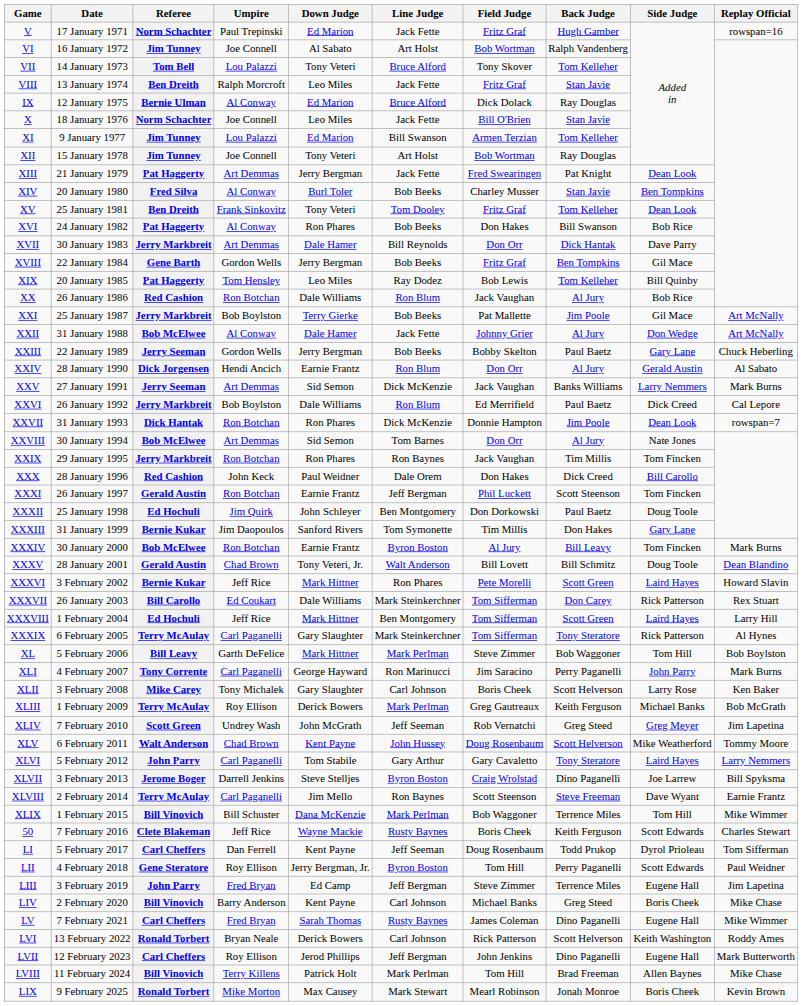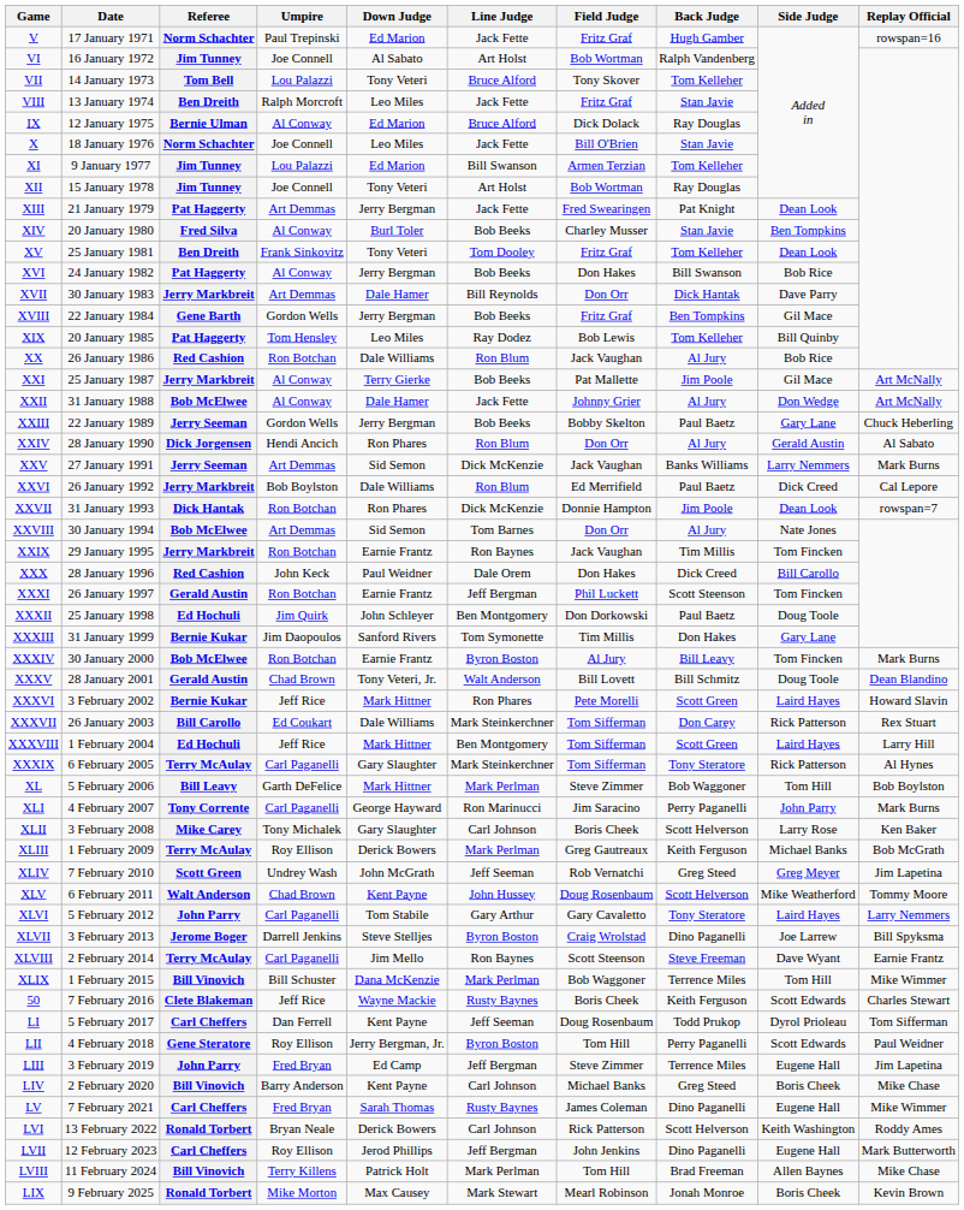 <table class="wikitable" style="font-size: 95%; text-align:center">
 <tr bgcolor="#efefef">
 <th>Game</th>
 <th>Date</th>
 <th>Referee</th>
 <th>Umpire</th>
 <th>Down Judge</th>
 <th>Line Judge</th>
 <th>Field Judge</th>
 <th>Back Judge</th>
 <th>Side Judge</th>
 <th>Replay Official</th>
 </tr>
 <tr>
 <td><a href='#'>V</a></td>
 <td>17 January 1971</td>
 <th><a href='#'>Norm Schachter</a></th>
 <td>Paul Trepinski</td>
 <td><a href='#'>Ed Marion</a></td>
 <td>Jack Fette</td>
 <td><a href='#'>Fritz Graf</a></td>
 <td><a href='#'>Hugh Gamber</a></td>
 <td rowspan=8><em>Added<br>in </em></td>
 <td>rowspan=16 </td>
 </tr>
 <tr>
 <td><a href='#'>VI</a></td>
 <td>16 January 1972</td>
 <th><a href='#'>Jim Tunney</a></th>
 <td>Joe Connell</td>
 <td>Al Sabato</td>
 <td>Art Holst</td>
 <td><a href='#'>Bob Wortman</a></td>
 <td>Ralph Vandenberg</td>
 </tr>
 <tr>
 <td><a href='#'>VII</a></td>
 <td>14 January 1973</td>
 <th><a href='#'>Tom Bell</a></th>
 <td><a href='#'>Lou Palazzi</a></td>
 <td>Tony Veteri</td>
 <td><a href='#'>Bruce Alford</a></td>
 <td>Tony Skover</td>
 <td><a href='#'>Tom Kelleher</a></td>
 </tr>
 <tr>
 <td><a href='#'>VIII</a></td>
 <td>13 January 1974</td>
 <th><a href='#'>Ben Dreith</a></th>
 <td>Ralph Morcroft</td>
 <td>Leo Miles</td>
 <td>Jack Fette</td>
 <td><a href='#'>Fritz Graf</a></td>
 <td><a href='#'>Stan Javie</a></td>
 </tr>
 <tr>
 <td><a href='#'>IX</a></td>
 <td>12 January 1975</td>
 <th><a href='#'>Bernie Ulman</a></th>
 <td><a href='#'>Al Conway</a></td>
 <td><a href='#'>Ed Marion</a></td>
 <td><a href='#'>Bruce Alford</a></td>
 <td>Dick Dolack</td>
 <td>Ray Douglas</td>
 </tr>
 <tr>
 <td><a href='#'>X</a></td>
 <td>18 January 1976</td>
 <th><a href='#'>Norm Schachter</a></th>
 <td>Joe Connell</td>
 <td>Leo Miles</td>
 <td>Jack Fette</td>
 <td><a href='#'>Bill O'Brien</a></td>
 <td><a href='#'>Stan Javie</a></td>
 </tr>
 <tr>
 <td><a href='#'>XI</a></td>
 <td>9 January 1977</td>
 <th><a href='#'>Jim Tunney</a></th>
 <td><a href='#'>Lou Palazzi</a></td>
 <td><a href='#'>Ed Marion</a></td>
 <td>Bill Swanson</td>
 <td><a href='#'>Armen Terzian</a></td>
 <td><a href='#'>Tom Kelleher</a></td>
 </tr>
 <tr>
 <td><a href='#'>XII</a></td>
 <td>15 January 1978</td>
 <th><a href='#'>Jim Tunney</a></th>
 <td>Joe Connell</td>
 <td>Tony Veteri</td>
 <td>Art Holst</td>
 <td><a href='#'>Bob Wortman</a></td>
 <td>Ray Douglas</td>
 </tr>
 <tr>
 <td><a href='#'>XIII</a></td>
 <td>21 January 1979</td>
 <th><a href='#'>Pat Haggerty</a></th>
 <td><a href='#'>Art Demmas</a></td>
 <td>Jerry Bergman</td>
 <td>Jack Fette</td>
 <td><a href='#'>Fred Swearingen</a></td>
 <td>Pat Knight</td>
 <td><a href='#'>Dean Look</a></td>
 </tr>
 <tr>
 <td><a href='#'>XIV</a></td>
 <td>20 January 1980</td>
 <th><a href='#'>Fred Silva</a></th>
 <td><a href='#'>Al Conway</a></td>
 <td><a href='#'>Burl Toler</a></td>
 <td>Bob Beeks</td>
 <td>Charley Musser</td>
 <td><a href='#'>Stan Javie</a></td>
 <td><a href='#'>Ben Tompkins</a></td>
 </tr>
 <tr>
 <td><a href='#'>XV</a></td>
 <td>25 January 1981</td>
 <th><a href='#'>Ben Dreith</a></th>
 <td><a href='#'>Frank Sinkovitz</a></td>
 <td>Tony Veteri</td>
 <td><a href='#'>Tom Dooley</a></td>
 <td><a href='#'>Fritz Graf</a></td>
 <td><a href='#'>Tom Kelleher</a></td>
 <td><a href='#'>Dean Look</a></td>
 </tr>
 <tr>
 <td><a href='#'>XVI</a></td>
 <td>24 January 1982</td>
 <th><a href='#'>Pat Haggerty</a></th>
 <td><a href='#'>Al Conway</a></td>
-<td>Ron Phares</td>
+<td>Jerry Bergman</td>
 <td>Bob Beeks</td>
 <td>Don Hakes</td>
 <td>Bill Swanson</td>
 <td>Bob Rice</td>
 </tr>
 <tr>
 <td><a href='#'>XVII</a></td>
 <td>30 January 1983</td>
 <th><a href='#'>Jerry Markbreit</a></th>
 <td><a href='#'>Art Demmas</a></td>
 <td><a href='#'>Dale Hamer</a></td>
 <td>Bill Reynolds</td>
 <td><a href='#'>Don Orr</a></td>
 <td><a href='#'>Dick Hantak</a></td>
 <td>Dave Parry</td>
 </tr>
 <tr>
 <td><a href='#'>XVIII</a></td>
 <td>22 January 1984</td>
 <th><a href='#'>Gene Barth</a></th>
 <td>Gordon Wells</td>
 <td>Jerry Bergman</td>
 <td>Bob Beeks</td>
 <td><a href='#'>Fritz Graf</a></td>
 <td><a href='#'>Ben Tompkins</a></td>
 <td>Gil Mace</td>
 </tr>
 <tr>
 <td><a href='#'>XIX</a></td>
 <td>20 January 1985</td>
 <th><a href='#'>Pat Haggerty</a></th>
 <td><a href='#'>Tom Hensley</a></td>
 <td>Leo Miles</td>
 <td>Ray Dodez</td>
 <td>Bob Lewis</td>
 <td><a href='#'>Tom Kelleher</a></td>
 <td>Bill Quinby</td>
 </tr>
 <tr>
 <td><a href='#'>XX</a></td>
 <td>26 January 1986</td>
 <th><a href='#'>Red Cashion</a></th>
 <td><a href='#'>Ron Botchan</a></td>
 <td>Dale Williams</td>
 <td><a href='#'>Ron Blum</a></td>
 <td>Jack Vaughan</td>
 <td><a href='#'>Al Jury</a></td>
 <td>Bob Rice</td>
 </tr>
 <tr>
 <td><a href='#'>XXI</a></td>
 <td>25 January 1987</td>
 <th><a href='#'>Jerry Markbreit</a></th>
-<td>Bob Boylston</td>
+<td><a href='#'>Al Conway</a></td>
 <td><a href='#'>Terry Gierke</a></td>
 <td>Bob Beeks</td>
 <td>Pat Mallette</td>
 <td><a href='#'>Jim Poole</a></td>
 <td>Gil Mace</td>
 <td><a href='#'>Art McNally</a></td>
 </tr>
 <tr>
 <td><a href='#'>XXII</a></td>
 <td>31 January 1988</td>
 <th><a href='#'>Bob McElwee</a></th>
 <td><a href='#'>Al Conway</a></td>
 <td><a href='#'>Dale Hamer</a></td>
 <td>Jack Fette</td>
 <td><a href='#'>Johnny Grier</a></td>
 <td><a href='#'>Al Jury</a></td>
 <td><a href='#'>Don Wedge</a></td>
 <td><a href='#'>Art McNally</a></td>
 </tr>
 <tr>
 <td><a href='#'>XXIII</a></td>
 <td>22 January 1989</td>
 <th><a href='#'>Jerry Seeman</a></th>
 <td>Gordon Wells</td>
 <td>Jerry Bergman</td>
 <td>Bob Beeks</td>
 <td>Bobby Skelton</td>
 <td>Paul Baetz</td>
 <td><a href='#'>Gary Lane</a></td>
 <td>Chuck Heberling</td>
 </tr>
 <tr>
 <td><a href='#'>XXIV</a></td>
 <td>28 January 1990</td>
 <th><a href='#'>Dick Jorgensen</a></th>
 <td>Hendi Ancich</td>
-<td>Earnie Frantz</td>
+<td>Ron Phares</td>
 <td><a href='#'>Ron Blum</a></td>
 <td><a href='#'>Don Orr</a></td>
 <td><a href='#'>Al Jury</a></td>
 <td><a href='#'>Gerald Austin</a></td>
 <td>Al Sabato</td>
 </tr>
 <tr>
 <td><a href='#'>XXV</a></td>
 <td>27 January 1991</td>
 <th><a href='#'>Jerry Seeman</a></th>
 <td><a href='#'>Art Demmas</a></td>
 <td>Sid Semon</td>
 <td>Dick McKenzie</td>
 <td>Jack Vaughan</td>
 <td>Banks Williams</td>
 <td><a href='#'>Larry Nemmers</a></td>
 <td>Mark Burns</td>
 </tr>
 <tr>
 <td><a href='#'>XXVI</a></td>
 <td>26 January 1992</td>
 <th><a href='#'>Jerry Markbreit</a></th>
 <td>Bob Boylston</td>
 <td>Dale Williams</td>
 <td><a href='#'>Ron Blum</a></td>
 <td>Ed Merrifield</td>
 <td>Paul Baetz</td>
 <td>Dick Creed</td>
 <td>Cal Lepore</td>
 </tr>
 <tr>
 <td><a href='#'>XXVII</a></td>
 <td>31 January 1993</td>
 <th><a href='#'>Dick Hantak</a></th>
 <td><a href='#'>Ron Botchan</a></td>
 <td>Ron Phares</td>
 <td>Dick McKenzie</td>
 <td>Donnie Hampton</td>
 <td><a href='#'>Jim Poole</a></td>
 <td><a href='#'>Dean Look</a></td>
 <td>rowspan=7 </td>
 </tr>
 <tr>
 <td><a href='#'>XXVIII</a></td>
 <td>30 January 1994</td>
 <th><a href='#'>Bob McElwee</a></th>
 <td><a href='#'>Art Demmas</a></td>
 <td>Sid Semon</td>
 <td>Tom Barnes</td>
 <td><a href='#'>Don Orr</a></td>
 <td><a href='#'>Al Jury</a></td>
 <td>Nate Jones</td>
 </tr>
 <tr>
 <td><a href='#'>XXIX</a></td>
 <td>29 January 1995</td>
 <th><a href='#'>Jerry Markbreit</a></th>
 <td><a href='#'>Ron Botchan</a></td>
-<td>Ron Phares</td>
+<td>Earnie Frantz</td>
 <td>Ron Baynes</td>
 <td>Jack Vaughan</td>
 <td>Tim Millis</td>
 <td>Tom Fincken</td>
 </tr>
 <tr>
 <td><a href='#'>XXX</a></td>
 <td>28 January 1996</td>
 <th><a href='#'>Red Cashion</a></th>
 <td>John Keck</td>
 <td>Paul Weidner</td>
 <td>Dale Orem</td>
 <td>Don Hakes</td>
 <td>Dick Creed</td>
 <td><a href='#'>Bill Carollo</a></td>
 </tr>
 <tr>
 <td><a href='#'>XXXI</a></td>
 <td>26 January 1997</td>
 <th><a href='#'>Gerald Austin</a></th>
 <td><a href='#'>Ron Botchan</a></td>
 <td>Earnie Frantz</td>
 <td>Jeff Bergman</td>
 <td><a href='#'>Phil Luckett</a></td>
 <td>Scott Steenson</td>
 <td>Tom Fincken</td>
 </tr>
 <tr>
 <td><a href='#'>XXXII</a></td>
 <td>25 January 1998</td>
 <th><a href='#'>Ed Hochuli</a></th>
 <td><a href='#'>Jim Quirk</a></td>
 <td>John Schleyer</td>
 <td>Ben Montgomery</td>
 <td>Don Dorkowski</td>
 <td>Paul Baetz</td>
 <td>Doug Toole</td>
 </tr>
 <tr>
 <td><a href='#'>XXXIII</a></td>
 <td>31 January 1999</td>
 <th><a href='#'>Bernie Kukar</a></th>
 <td>Jim Daopoulos</td>
 <td>Sanford Rivers</td>
 <td>Tom Symonette</td>
 <td>Tim Millis</td>
 <td>Don Hakes</td>
 <td><a href='#'>Gary Lane</a></td>
 </tr>
 <tr>
 <td><a href='#'>XXXIV</a></td>
 <td>30 January 2000</td>
 <th><a href='#'>Bob McElwee</a></th>
 <td><a href='#'>Ron Botchan</a></td>
 <td>Earnie Frantz</td>
 <td><a href='#'>Byron Boston</a></td>
 <td><a href='#'>Al Jury</a></td>
 <td><a href='#'>Bill Leavy</a></td>
 <td>Tom Fincken</td>
 <td>Mark Burns</td>
 </tr>
 <tr>
 <td><a href='#'>XXXV</a></td>
 <td>28 January 2001</td>
 <th><a href='#'>Gerald Austin</a></th>
 <td><a href='#'>Chad Brown</a></td>
 <td>Tony Veteri, Jr.</td>
 <td><a href='#'>Walt Anderson</a></td>
 <td>Bill Lovett</td>
 <td>Bill Schmitz</td>
 <td>Doug Toole</td>
 <td><a href='#'>Dean Blandino</a></td>
 </tr>
 <tr>
 <td><a href='#'>XXXVI</a></td>
 <td>3 February 2002</td>
 <th><a href='#'>Bernie Kukar</a></th>
 <td>Jeff Rice</td>
 <td><a href='#'>Mark Hittner</a></td>
 <td>Ron Phares</td>
 <td><a href='#'>Pete Morelli</a></td>
 <td><a href='#'>Scott Green</a></td>
 <td><a href='#'>Laird Hayes</a></td>
 <td>Howard Slavin</td>
 </tr>
 <tr>
 <td><a href='#'>XXXVII</a></td>
 <td>26 January 2003</td>
 <th><a href='#'>Bill Carollo</a></th>
 <td><a href='#'>Ed Coukart</a></td>
 <td>Dale Williams</td>
 <td>Mark Steinkerchner</td>
 <td><a href='#'>Tom Sifferman</a></td>
 <td><a href='#'>Don Carey</a></td>
 <td>Rick Patterson</td>
 <td>Rex Stuart</td>
 </tr>
 <tr>
 <td><a href='#'>XXXVIII</a></td>
 <td>1 February 2004</td>
 <th><a href='#'>Ed Hochuli</a></th>
 <td>Jeff Rice</td>
 <td><a href='#'>Mark Hittner</a></td>
 <td>Ben Montgomery</td>
 <td><a href='#'>Tom Sifferman</a></td>
 <td><a href='#'>Scott Green</a></td>
 <td><a href='#'>Laird Hayes</a></td>
 <td>Larry Hill</td>
 </tr>
 <tr>
 <td><a href='#'>XXXIX</a></td>
 <td>6 February 2005</td>
 <th><a href='#'>Terry McAulay</a></th>
 <td><a href='#'>Carl Paganelli</a></td>
 <td>Gary Slaughter</td>
 <td>Mark Steinkerchner</td>
 <td><a href='#'>Tom Sifferman</a></td>
 <td><a href='#'>Tony Steratore</a></td>
 <td>Rick Patterson</td>
 <td>Al Hynes</td>
 </tr>
 <tr>
 <td><a href='#'>XL</a></td>
 <td>5 February 2006</td>
 <th><a href='#'>Bill Leavy</a></th>
 <td>Garth DeFelice</td>
 <td><a href='#'>Mark Hittner</a></td>
 <td><a href='#'>Mark Perlman</a></td>
 <td>Steve Zimmer</td>
 <td>Bob Waggoner</td>
 <td>Tom Hill</td>
 <td>Bob Boylston</td>
 </tr>
 <tr>
 <td><a href='#'>XLI</a></td>
 <td>4 February 2007</td>
 <th><a href='#'>Tony Corrente</a></th>
 <td><a href='#'>Carl Paganelli</a></td>
 <td>George Hayward</td>
 <td>Ron Marinucci</td>
 <td>Jim Saracino</td>
 <td>Perry Paganelli</td>
 <td><a href='#'>John Parry</a></td>
 <td>Mark Burns</td>
 </tr>
 <tr>
 <td><a href='#'>XLII</a></td>
 <td>3 February 2008</td>
 <th><a href='#'>Mike Carey</a></th>
 <td>Tony Michalek</td>
 <td>Gary Slaughter</td>
 <td>Carl Johnson</td>
 <td>Boris Cheek</td>
 <td>Scott Helverson</td>
 <td>Larry Rose</td>
 <td>Ken Baker</td>
 </tr>
 <tr>
 <td><a href='#'>XLIII</a></td>
 <td>1 February 2009</td>
 <th><a href='#'>Terry McAulay</a></th>
 <td>Roy Ellison</td>
 <td>Derick Bowers</td>
 <td><a href='#'>Mark Perlman</a></td>
 <td>Greg Gautreaux</td>
 <td>Keith Ferguson</td>
 <td>Michael Banks</td>
 <td>Bob McGrath</td>
 </tr>
 <tr>
 <td><a href='#'>XLIV</a></td>
 <td>7 February 2010</td>
 <th><a href='#'>Scott Green</a></th>
 <td>Undrey Wash</td>
 <td>John McGrath</td>
 <td>Jeff Seeman</td>
 <td>Rob Vernatchi</td>
 <td>Greg Steed</td>
 <td><a href='#'>Greg Meyer</a></td>
 <td>Jim Lapetina</td>
 </tr>
 <tr>
 <td><a href='#'>XLV</a></td>
 <td>6 February 2011</td>
 <th><a href='#'>Walt Anderson</a></th>
 <td><a href='#'>Chad Brown</a></td>
 <td><a href='#'>Kent Payne</a></td>
 <td><a href='#'>John Hussey</a></td>
 <td><a href='#'>Doug Rosenbaum</a></td>
 <td><a href='#'>Scott Helverson</a></td>
 <td>Mike Weatherford</td>
 <td>Tommy Moore</td>
 </tr>
 <tr>
 <td><a href='#'>XLVI</a></td>
 <td>5 February 2012</td>
 <th><a href='#'>John Parry</a></th>
 <td><a href='#'>Carl Paganelli</a></td>
 <td>Tom Stabile</td>
 <td>Gary Arthur</td>
 <td>Gary Cavaletto</td>
 <td><a href='#'>Tony Steratore</a></td>
 <td><a href='#'>Laird Hayes</a></td>
 <td><a href='#'>Larry Nemmers</a></td>
 </tr>
 <tr>
 <td><a href='#'>XLVII</a></td>
 <td>3 February 2013</td>
 <th><a href='#'>Jerome Boger</a></th>
 <td>Darrell Jenkins</td>
 <td>Steve Stelljes</td>
 <td><a href='#'>Byron Boston</a></td>
 <td><a href='#'>Craig Wrolstad</a></td>
 <td>Dino Paganelli</td>
 <td>Joe Larrew</td>
 <td>Bill Spyksma</td>
 </tr>
 <tr>
 <td><a href='#'>XLVIII</a></td>
 <td>2 February 2014</td>
 <th><a href='#'>Terry McAulay</a></th>
 <td><a href='#'>Carl Paganelli</a></td>
 <td>Jim Mello</td>
 <td>Ron Baynes</td>
 <td>Scott Steenson</td>
 <td><a href='#'>Steve Freeman</a></td>
 <td>Dave Wyant</td>
 <td>Earnie Frantz</td>
 </tr>
 <tr>
 <td><a href='#'>XLIX</a></td>
 <td>1 February 2015</td>
 <th><a href='#'>Bill Vinovich</a></th>
 <td>Bill Schuster</td>
 <td><a href='#'>Dana McKenzie</a></td>
 <td><a href='#'>Mark Perlman</a></td>
 <td>Bob Waggoner</td>
 <td>Terrence Miles</td>
 <td>Tom Hill</td>
 <td>Mike Wimmer</td>
 </tr>
 <tr>
 <td><a href='#'>50</a></td>
 <td>7 February 2016</td>
 <th><a href='#'>Clete Blakeman</a></th>
 <td>Jeff Rice</td>
 <td><a href='#'>Wayne Mackie</a></td>
 <td><a href='#'>Rusty Baynes</a></td>
 <td>Boris Cheek</td>
 <td>Keith Ferguson</td>
 <td>Scott Edwards</td>
 <td>Charles Stewart</td>
 </tr>
 <tr>
 <td><a href='#'>LI</a></td>
 <td>5 February 2017</td>
 <th><a href='#'>Carl Cheffers</a></th>
 <td>Dan Ferrell</td>
 <td>Kent Payne</td>
 <td>Jeff Seeman</td>
 <td>Doug Rosenbaum</td>
 <td>Todd Prukop</td>
 <td>Dyrol Prioleau</td>
 <td>Tom Sifferman</td>
 </tr>
 <tr>
 <td><a href='#'>LII</a></td>
 <td>4 February 2018</td>
 <th><a href='#'>Gene Steratore</a></th>
 <td>Roy Ellison</td>
 <td>Jerry Bergman, Jr.</td>
 <td><a href='#'>Byron Boston</a></td>
 <td>Tom Hill</td>
 <td>Perry Paganelli</td>
 <td>Scott Edwards</td>
 <td>Paul Weidner</td>
 </tr>
 <tr>
 <td><a href='#'>LIII</a></td>
 <td>3 February 2019</td>
 <th><a href='#'>John Parry</a></th>
 <td><a href='#'>Fred Bryan</a></td>
 <td>Ed Camp</td>
 <td>Jeff Bergman</td>
 <td>Steve Zimmer</td>
 <td>Terrence Miles</td>
 <td>Eugene Hall</td>
 <td>Jim Lapetina</td>
 </tr>
 <tr>
 <td><a href='#'>LIV</a></td>
 <td>2 February 2020</td>
 <th><a href='#'>Bill Vinovich</a></th>
 <td>Barry Anderson</td>
 <td>Kent Payne</td>
 <td>Carl Johnson</td>
 <td>Michael Banks</td>
 <td>Greg Steed</td>
 <td>Boris Cheek</td>
 <td>Mike Chase</td>
 </tr>
 <tr>
 <td><a href='#'>LV</a></td>
 <td>7 February 2021</td>
 <th><a href='#'>Carl Cheffers</a></th>
 <td><a href='#'>Fred Bryan</a></td>
 <td><a href='#'>Sarah Thomas</a></td>
 <td><a href='#'>Rusty Baynes</a></td>
 <td>James Coleman</td>
 <td>Dino Paganelli</td>
 <td>Eugene Hall</td>
 <td>Mike Wimmer</td>
 </tr>
 <tr>
 <td><a href='#'>LVI</a></td>
 <td>13 February 2022</td>
 <th><a href='#'>Ronald Torbert</a></th>
 <td>Bryan Neale</td>
 <td>Derick Bowers</td>
 <td>Carl Johnson</td>
 <td>Rick Patterson</td>
 <td>Scott Helverson</td>
 <td>Keith Washington</td>
 <td>Roddy Ames</td>
 </tr>
 <tr>
 <td><a href='#'>LVII</a></td>
 <td>12 February 2023</td>
 <th><a href='#'>Carl Cheffers</a></th>
 <td>Roy Ellison</td>
 <td>Jerod Phillips</td>
 <td>Jeff Bergman</td>
 <td>John Jenkins</td>
 <td>Dino Paganelli</td>
 <td>Eugene Hall</td>
 <td>Mark Butterworth</td>
 </tr>
 <tr>
 <td><a href='#'>LVIII</a></td>
 <td>11 February 2024</td>
 <th><a href='#'>Bill Vinovich</a></th>
 <td><a href='#'>Terry Killens</a></td>
 <td>Patrick Holt</td>
 <td>Mark Perlman</td>
 <td>Tom Hill</td>
 <td>Brad Freeman</td>
 <td>Allen Baynes</td>
 <td>Mike Chase</td>
 </tr>
 <tr>
 <td><a href='#'>LIX</a></td>
 <td>9 February 2025</td>
 <th><a href='#'>Ronald Torbert</a></th>
 <td><a href='#'>Mike Morton</a></td>
 <td>Max Causey</td>
 <td>Mark Stewart</td>
 <td>Mearl Robinson</td>
 <td>Jonah Monroe</td>
 <td>Boris Cheek</td>
 <td>Kevin Brown</td>
 </tr>
 </table>
